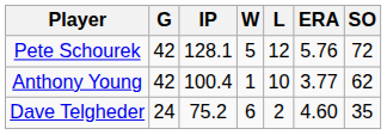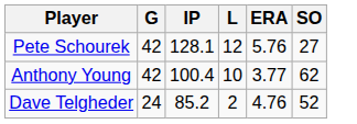 <table class="wikitable sortable">
 <tr>
 <th>Player</th>
 <th>G</th>
 <th>IP</th>
-<th>W</th>
 <th>L</th>
 <th>ERA</th>
 <th>SO</th>
 </tr>
 <tr align="center">
 <td><a href='#'>Pete Schourek</a></td>
 <td>42</td>
 <td>128.1</td>
-<td>5</td>
 <td>12</td>
 <td>5.76</td>
-<td>72</td>
+<td>27</td>
 </tr>
 <tr align=center>
 <td><a href='#'>Anthony Young</a></td>
 <td>42</td>
 <td>100.4</td>
-<td>1</td>
 <td>10</td>
 <td>3.77</td>
 <td>62</td>
 </tr>
 <tr align=center>
 <td><a href='#'>Dave Telgheder</a></td>
 <td>24</td>
-<td>75.2</td>
-<td>6</td>
+<td>85.2</td>
 <td>2</td>
-<td>4.60</td>
-<td>35</td>
+<td>4.76</td>
+<td>52</td>
 </tr>
 </table>
